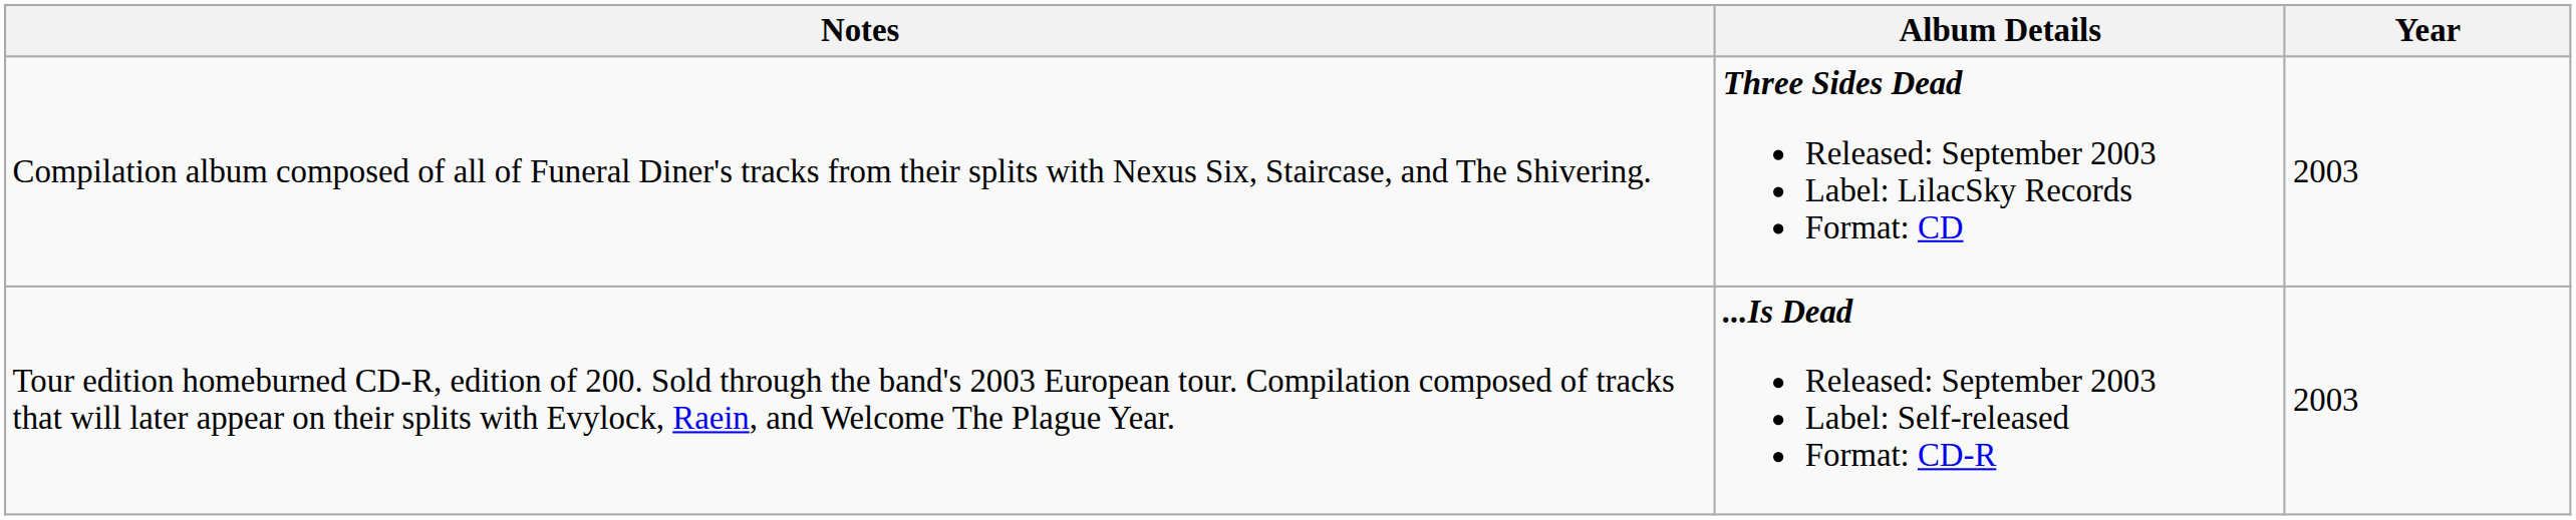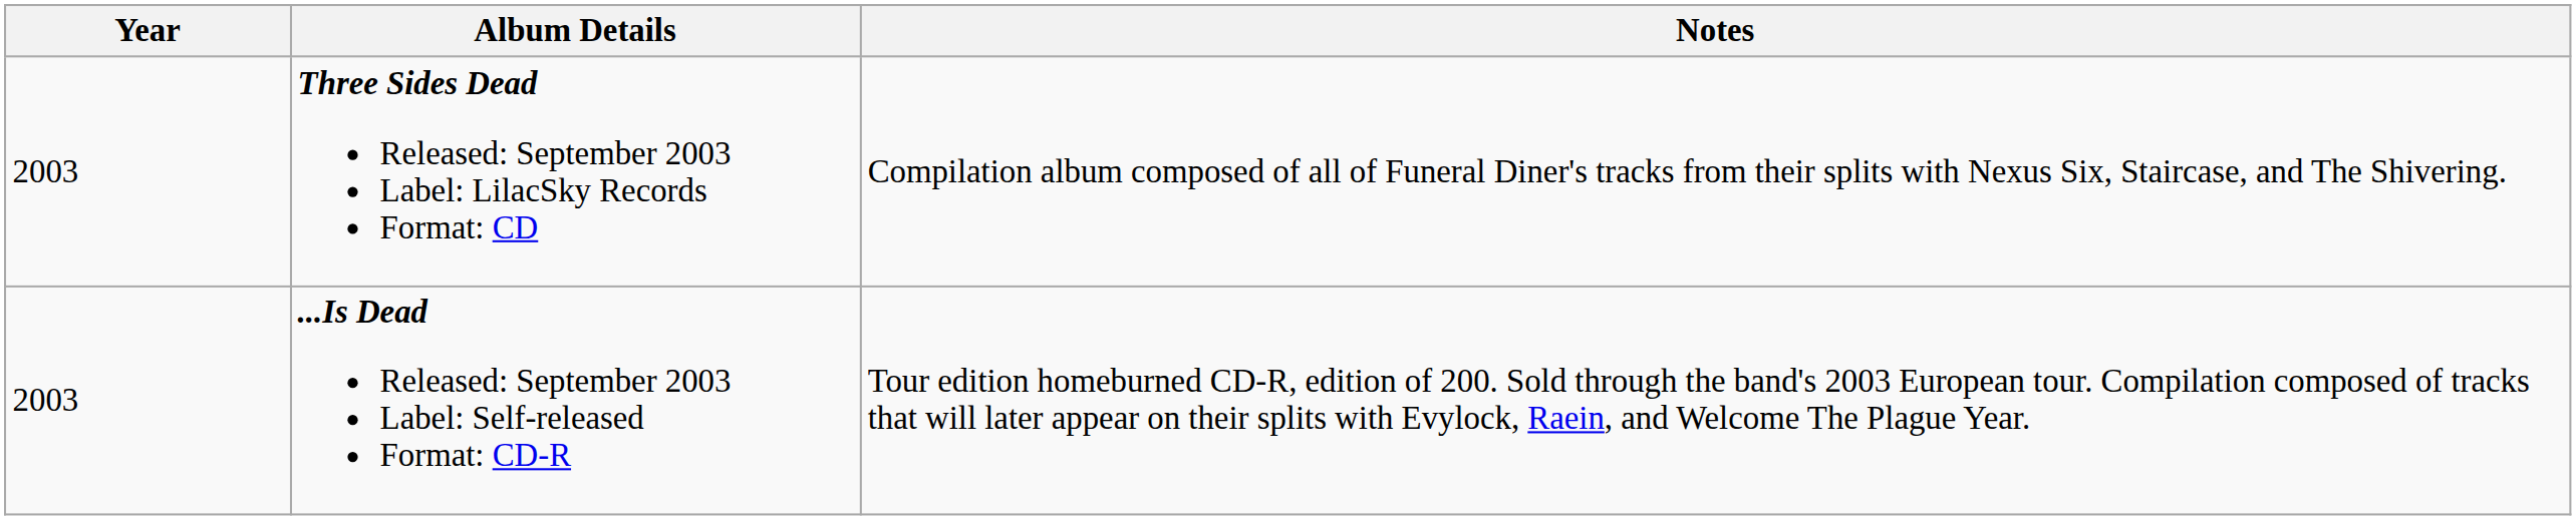 <table class ="wikitable">
 <tr>
+<th style="width: 5%">Year</th>
+<th style="width:10%">Album Details</th>
 <th style="width:30%">Notes</th>
-<th style="width:10%">Album Details</th>
-<th style="width: 5%">Year</th>
 </tr>
 <tr>
+<td>2003</td>
+<td><strong><em>Three Sides Dead</em></strong><br><ul><li>Released: September 2003</li><li>Label: LilacSky Records</li><li>Format: <a href='#'>CD</a></li></ul></td>
 <td>Compilation album composed of all of Funeral Diner's tracks from their splits with Nexus Six, Staircase, and The Shivering.</td>
-<td><strong><em>Three Sides Dead</em></strong><br><ul><li>Released: September 2003</li><li>Label: LilacSky Records</li><li>Format: <a href='#'>CD</a></li></ul></td>
-<td>2003</td>
 </tr>
 <tr>
+<td>2003</td>
+<td><strong><em>...Is Dead</em></strong><br><ul><li>Released: September 2003</li><li>Label: Self-released</li><li>Format: <a href='#'>CD-R</a></li></ul></td>
 <td>Tour edition homeburned CD-R, edition of 200. Sold through the band's 2003 European tour. Compilation composed of tracks that will later appear on their splits with Evylock, <a href='#'>Raein</a>, and Welcome The Plague Year.</td>
-<td><strong><em>...Is Dead</em></strong><br><ul><li>Released: September 2003</li><li>Label: Self-released</li><li>Format: <a href='#'>CD-R</a></li></ul></td>
-<td>2003</td>
 </tr>
 </table>
